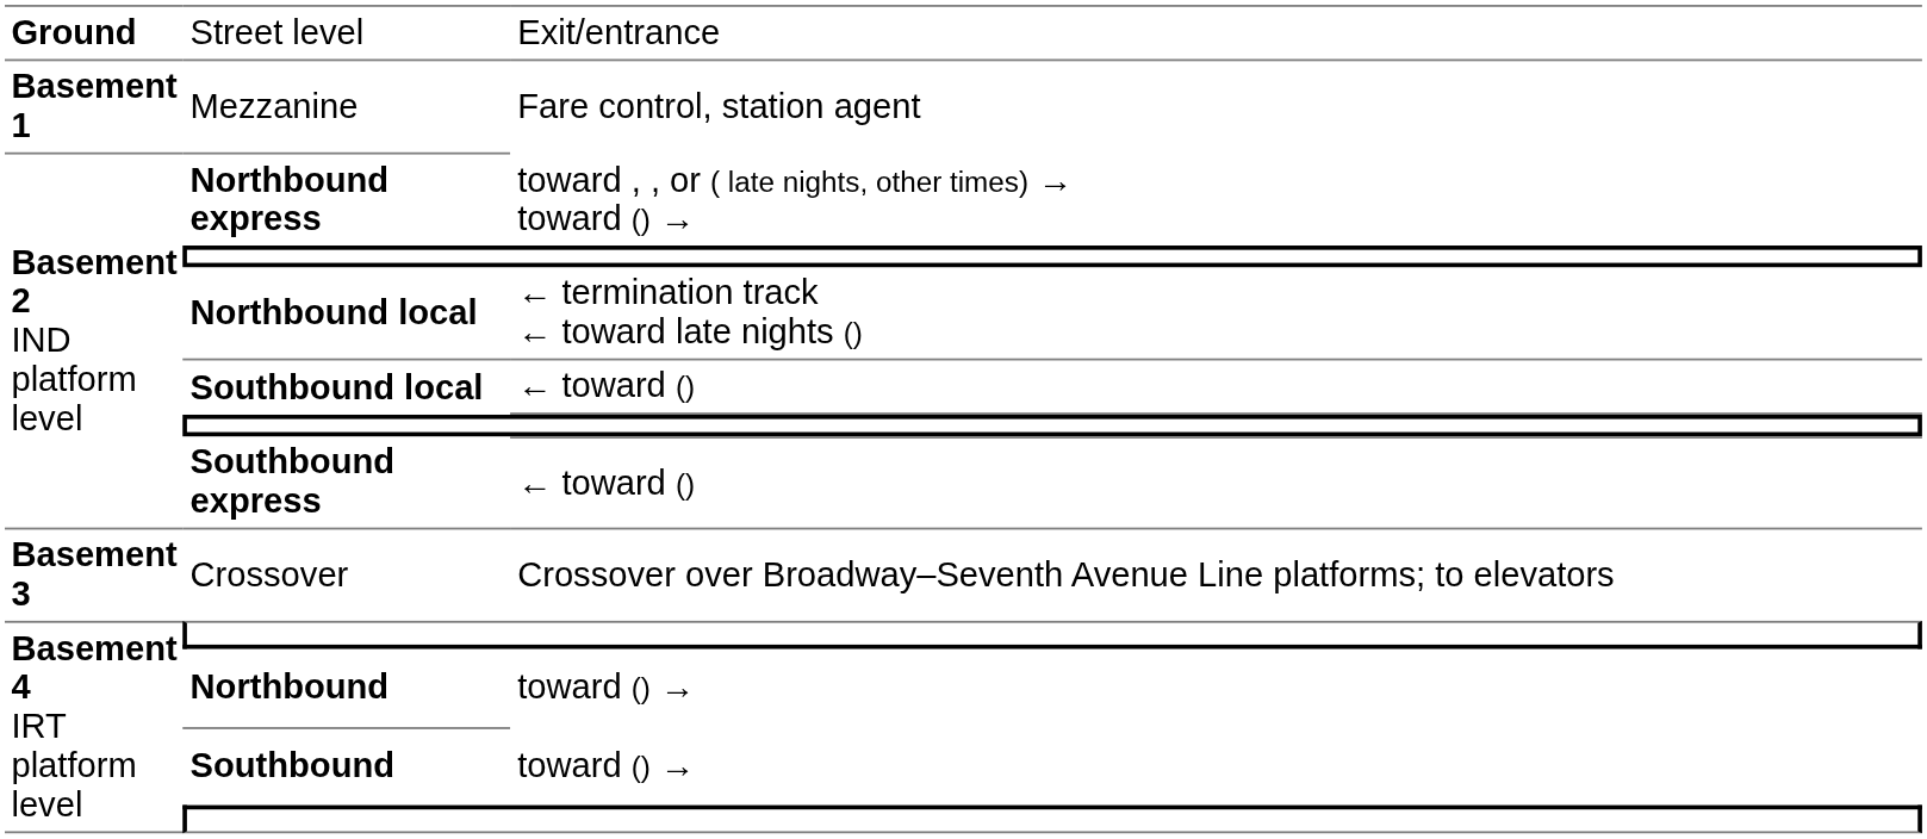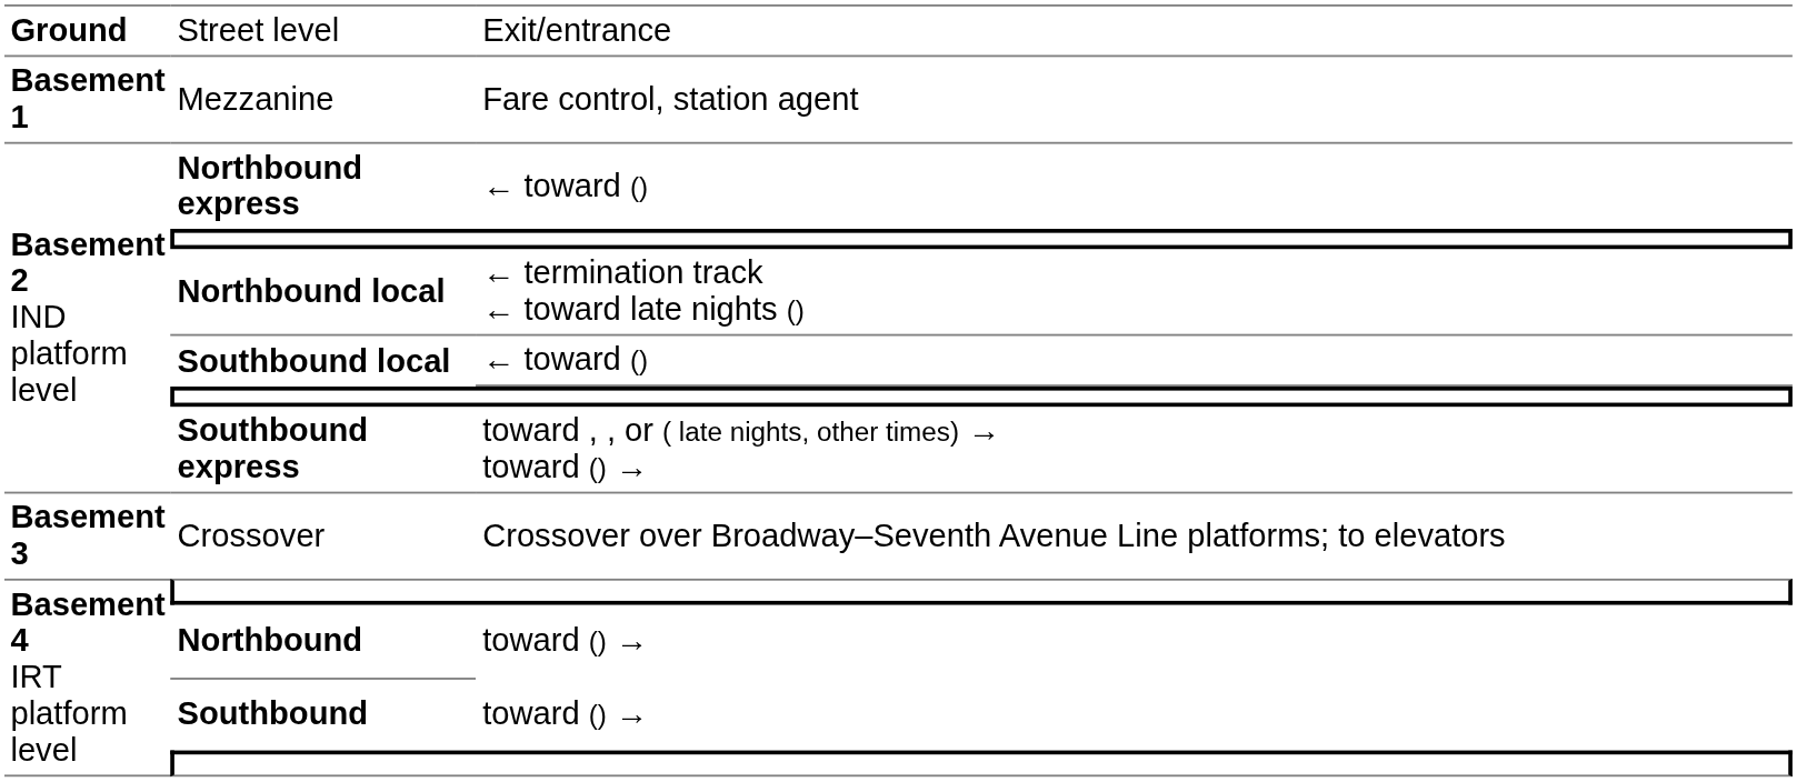 <table table border=0 cellspacing=0 cellpadding=3>
 <tr>
 <td style="border-top:solid 1px gray;" width=50><strong>Ground</strong></td>
 <td style="border-top:solid 1px gray;" width=150>Street level</td>
 <td style="border-top:solid 1px gray;" width=700>Exit/entrance</td>
 </tr>
 <tr>
 <td style="border-top:solid 1px gray;"><strong>Basement 1</strong></td>
 <td style="border-top:solid 1px gray;">Mezzanine</td>
 <td style="border-top:solid 1px gray;">Fare control, station agent<br></td>
 </tr>
 <tr>
 <td style="border-top:solid 1px gray;" rowspan=6><strong>Basement 2</strong><br>IND platform level</td>
 <td style="border-top:solid 1px gray;color:#"><strong>Northbound express</strong></td>
-<td>  toward , , or  <small>( late nights,  other times)</small> →<br>  toward  <small>()</small> →</td>
+<td style="border-top:solid 1px gray;">←  toward  <small>()</small></td>
 </tr>
 <tr>
 <td style="border-top:solid 2px black;border-right:solid 2px black;border-left:solid 2px black;border-bottom:solid 2px black;text-align:center;" colspan=2></td>
 </tr>
 <tr>
 <td style="border-bottom:solid 1px gray;color:#"><strong>Northbound local</strong></td>
 <td style="border-bottom:solid 1px gray;">←  termination track <br>←  toward  late nights <small>()</small></td>
 </tr>
 <tr>
 <td><span><strong>Southbound local</strong></span></td>
 <td style="border-bottom:solid 1px gray;">←  toward  <small>()</small></td>
 </tr>
 <tr>
 <td style="border-top:solid 2px black;border-right:solid 2px black;border-left:solid 2px black;border-bottom:solid 2px black;text-align:center;" colspan=2></td>
 </tr>
 <tr>
 <td><span><strong>Southbound express</strong></span></td>
-<td style="border-top:solid 1px gray;">←  toward  <small>()</small></td>
+<td>  toward , , or  <small>( late nights,  other times)</small> →<br>  toward  <small>()</small> →</td>
 </tr>
 <tr>
 <td style="border-top:solid 1px gray;"><strong>Basement 3</strong></td>
 <td style="border-top:solid 1px gray;">Crossover</td>
 <td style="border-top:solid 1px gray;">Crossover over Broadway–Seventh Avenue Line platforms; to elevators</td>
 </tr>
 <tr>
 <td style="border-top:solid 1px gray;border-bottom:solid 1px gray;vertical-align:top;" rowspan=4><strong>Basement 4</strong><br>IRT platform level</td>
 <td style="border-top:solid 1px gray;border-right:solid 2px black;border-left:solid 2px black;border-bottom:solid 2px black;text-align:center;" colspan=2></td>
 </tr>
 <tr>
 <td style="border-bottom:solid 1px gray;color:#"><strong>Northbound</strong></td>
 <td>  toward  <small>()</small> →</td>
 </tr>
 <tr>
 <td><span><strong>Southbound</strong> </span></td>
 <td>   toward  <small>()</small> →</td>
 </tr>
 <tr>
 <td style="border-bottom:solid 1px gray;border-top:solid 2px black;border-right:solid 2px black;border-left:solid 2px black;text-align:center;" colspan=2></td>
 </tr>
 </table>
